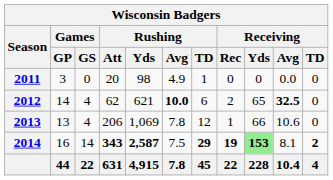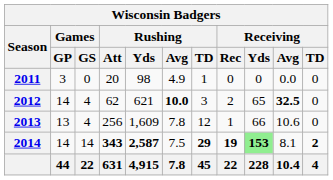 <table class="wikitable" style="text-align:center;">
 <tr>
 <th colspan="15">Wisconsin Badgers</th>
 </tr>
 <tr>
 <th rowspan="2">Season</th>
 <th colspan="2">Games</th>
 <th colspan="4">Rushing</th>
 <th colspan="4">Receiving</th>
 </tr>
 <tr>
 <th>GP</th>
 <th>GS</th>
 <th>Att</th>
 <th>Yds</th>
 <th>Avg</th>
 <th>TD</th>
 <th>Rec</th>
 <th>Yds</th>
 <th>Avg</th>
 <th>TD</th>
 </tr>
 <tr>
 <th><a href='#'>2011</a></th>
 <td>3</td>
 <td>0</td>
 <td>20</td>
 <td>98</td>
 <td>4.9</td>
 <td>1</td>
 <td>0</td>
 <td>0</td>
 <td>0.0</td>
 <td>0</td>
 </tr>
 <tr>
 <th><a href='#'>2012</a></th>
 <td>14</td>
 <td>4</td>
 <td>62</td>
 <td>621</td>
 <td><strong>10.0</strong></td>
-<td>6</td>
+<td>3</td>
 <td>2</td>
 <td>65</td>
 <td><strong>32.5</strong></td>
 <td>0</td>
 </tr>
 <tr>
 <th><a href='#'>2013</a></th>
 <td>13</td>
 <td>4</td>
-<td>206</td>
-<td>1,069</td>
+<td>256</td>
+<td>1,609</td>
 <td>7.8</td>
 <td>12</td>
 <td>1</td>
 <td>66</td>
 <td>10.6</td>
 <td>0</td>
 </tr>
 <tr>
 <th><a href='#'>2014</a></th>
-<td>16</td>
+<td>14</td>
 <td>14</td>
 <td><strong>343</strong></td>
 <td><strong>2,587</strong></td>
 <td>7.5</td>
 <td><strong>29</strong></td>
 <td><strong>19</strong></td>
 <td style="background: lightgreen;"><strong>153</strong></td>
 <td>8.1</td>
 <td><strong>2</strong></td>
 </tr>
 <tr>
 <th></th>
 <th>44</th>
 <th>22</th>
 <th>631</th>
 <th>4,915</th>
 <th>7.8</th>
 <th>45</th>
 <th>22</th>
 <th>228</th>
 <th>10.4</th>
 <th>4</th>
 </tr>
 </table>
